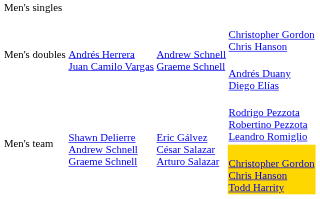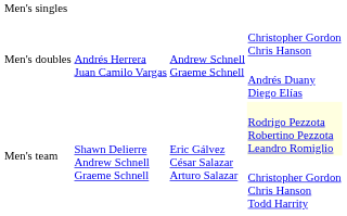 <table>
 <tr>
 <td rowspan=2>Men's singles<br></td>
 <td rowspan=2></td>
 <td rowspan=2></td>
 <td></td>
 </tr>
 <tr>
 <td></td>
 </tr>
 <tr>
 <td rowspan=2>Men's doubles<br></td>
 <td rowspan=2><br><a href='#'>Andrés Herrera</a><br><a href='#'>Juan Camilo Vargas</a></td>
 <td rowspan=2><br><a href='#'>Andrew Schnell</a><br><a href='#'>Graeme Schnell</a></td>
 <td><br><a href='#'>Christopher Gordon</a><br><a href='#'>Chris Hanson</a></td>
 </tr>
 <tr>
 <td><br><a href='#'>Andrés Duany</a><br><a href='#'>Diego Elías</a></td>
 </tr>
 <tr>
 <td rowspan=2>Men's team<br></td>
 <td rowspan=2><br><a href='#'>Shawn Delierre</a><br><a href='#'>Andrew Schnell</a><br><a href='#'>Graeme Schnell</a></td>
 <td rowspan=2><br><a href='#'>Eric Gálvez</a><br><a href='#'>César Salazar</a><br><a href='#'>Arturo Salazar</a></td>
-<td><br><a href='#'>Rodrigo Pezzota</a><br><a href='#'>Robertino Pezzota</a><br><a href='#'>Leandro Romiglio</a></td>
+<td style="background: lightyellow;"><br><a href='#'>Rodrigo Pezzota</a><br><a href='#'>Robertino Pezzota</a><br><a href='#'>Leandro Romiglio</a></td>
 </tr>
 <tr>
-<td style="background: gold;"><br><a href='#'>Christopher Gordon</a><br><a href='#'>Chris Hanson</a><br><a href='#'>Todd Harrity</a></td>
+<td><br><a href='#'>Christopher Gordon</a><br><a href='#'>Chris Hanson</a><br><a href='#'>Todd Harrity</a></td>
 </tr>
 </table>
